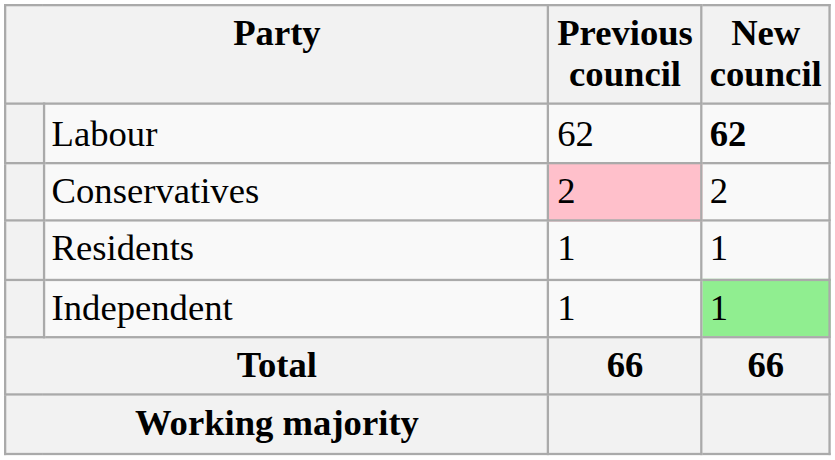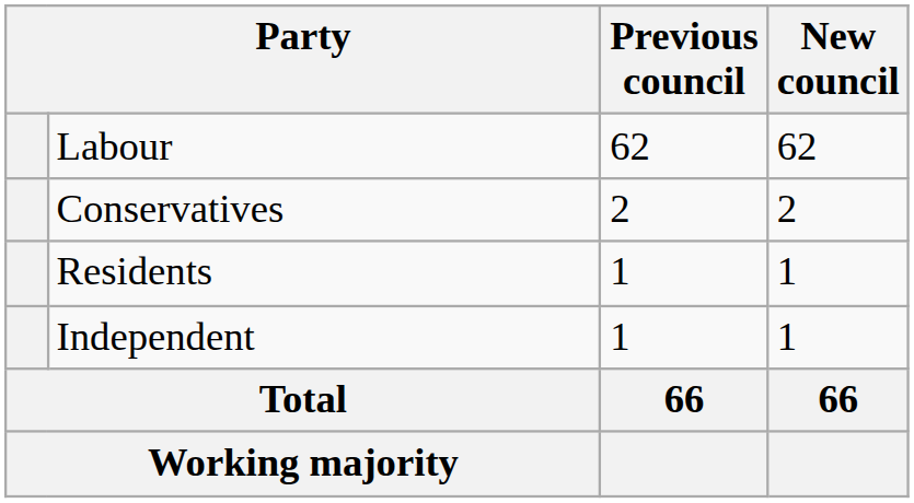 <table class="wikitable">
 <tr>
 <th valign=top colspan="2" style="width: 230px">Party</th>
 <th valign=top style="width: 30px">Previous council</th>
 <th valign=top style="width: 30px">New council</th>
 </tr>
 <tr>
 <th style="background-color: "></th>
 <td>Labour</td>
 <td>62</td>
-<td><strong>62</strong></td>
+<td>62</td>
 </tr>
 <tr>
 <th style="background-color: "></th>
 <td>Conservatives</td>
-<td style="background: pink;">2</td>
+<td>2</td>
 <td>2</td>
 </tr>
 <tr>
 <th style="background-color: "></th>
 <td>Residents</td>
 <td>1</td>
 <td>1</td>
 </tr>
 <tr>
 <th style="background-color: "></th>
 <td>Independent</td>
 <td>1</td>
-<td style="background: lightgreen;">1</td>
+<td>1</td>
 </tr>
 <tr>
 <th colspan=2>Total</th>
 <th style="text-align: center">66</th>
 <th colspan=3>66</th>
 </tr>
 <tr>
 <th colspan=2>Working majority</th>
 <th></th>
 <th></th>
 </tr>
 </table>
